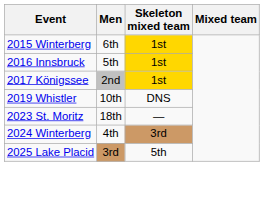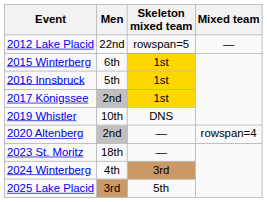 <table class="wikitable" style="text-align:center">
 <tr>
 <th>Event</th>
 <th>Men</th>
 <th>Skeleton<br>mixed team</th>
 <th>Mixed team</th>
+</tr>
+<tr>
+<td style="text-align:left"> <a href='#'>2012 Lake Placid</a></td>
+<td>22nd</td>
+<td>rowspan=5 </td>
+<td>—</td>
 </tr>
 <tr>
 <td style="text-align:left"> <a href='#'>2015 Winterberg</a></td>
 <td>6th</td>
 <td style="background:gold">1st</td>
 </tr>
 <tr>
 <td style="text-align:left"> <a href='#'>2016 Innsbruck</a></td>
 <td>5th</td>
 <td style="background:gold">1st</td>
 </tr>
 <tr>
 <td style="text-align:left"> <a href='#'>2017 Königssee</a></td>
 <td style="background:silver">2nd</td>
 <td style="background:gold">1st</td>
 </tr>
 <tr>
 <td style="text-align:left"> <a href='#'>2019 Whistler</a></td>
 <td>10th</td>
 <td>DNS</td>
 </tr>
 <tr>
+<td style="text-align:left"> <a href='#'>2020 Altenberg</a></td>
+<td style="background:silver">2nd</td>
+<td>—</td>
+<td>rowspan=4 </td>
+</tr>
+<tr>
 <td style="text-align:left"> <a href='#'>2023 St. Moritz</a></td>
 <td>18th</td>
 <td>—</td>
 </tr>
 <tr>
 <td style="text-align:left"> <a href='#'>2024 Winterberg</a></td>
 <td>4th</td>
 <td style="background:#CC9966">3rd</td>
 </tr>
 <tr>
 <td style="text-align:left"> <a href='#'>2025 Lake Placid</a></td>
 <td style="background:#CC9966">3rd</td>
 <td>5th</td>
 </tr>
 </table>
